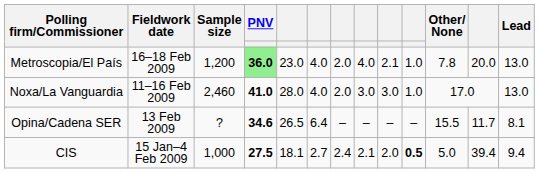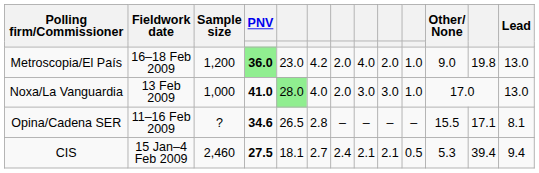 <table class="wikitable collapsible collapsed" style="text-align:center; font-size:90%; line-height:14px;">
 <tr style="height:42px;">
 <th style="width:250px;" rowspan="2">Polling firm/Commissioner</th>
 <th style="width:125px;" rowspan="2">Fieldwork date</th>
 <th style="width:50px;" rowspan="2">Sample size</th>
 <th style="width:35px;"><a href='#'>PNV</a></th>
 <th style="width:35px;"></th>
 <th style="width:35px;"></th>
 <th style="width:35px;"></th>
 <th style="width:35px;"></th>
 <th style="width:35px;"></th>
 <th style="width:35px;"></th>
 <th style="width:35px;" rowspan="2">Other/<br>None</th>
 <th style="width:35px;" rowspan="2"></th>
 <th style="width:30px;" rowspan="2">Lead</th>
 </tr>
 <tr>
 <th style="color:inherit;background:"></th>
 <th style="color:inherit;background:"></th>
 <th style="color:inherit;background:"></th>
 <th style="color:inherit;background:"></th>
 <th style="color:inherit;background:"></th>
 <th style="color:inherit;background:"></th>
 <th style="color:inherit;background:"></th>
 </tr>
 <tr>
 <td>Metroscopia/El País</td>
 <td>16–18 Feb 2009</td>
 <td>1,200</td>
 <td style="background: lightgreen;"><strong>36.0</strong></td>
 <td>23.0</td>
+<td>4.2</td>
+<td>2.0</td>
 <td>4.0</td>
 <td>2.0</td>
-<td>4.0</td>
-<td>2.1</td>
 <td>1.0</td>
-<td>7.8</td>
-<td>20.0</td>
+<td>9.0</td>
+<td>19.8</td>
 <td style="background:">13.0</td>
 </tr>
 <tr>
 <td>Noxa/La Vanguardia</td>
-<td>11–16 Feb 2009</td>
-<td>2,460</td>
+<td>13 Feb 2009</td>
+<td>1,000</td>
 <td><strong>41.0</strong></td>
-<td>28.0</td>
+<td style="background: lightgreen;">28.0</td>
 <td>4.0</td>
 <td>2.0</td>
 <td>3.0</td>
 <td>3.0</td>
 <td>1.0</td>
 <td colspan="2">17.0</td>
 <td style="background:">13.0</td>
 </tr>
 <tr>
 <td>Opina/Cadena SER</td>
-<td>13 Feb 2009</td>
+<td>11–16 Feb 2009</td>
 <td>?</td>
 <td><strong>34.6</strong></td>
 <td>26.5</td>
-<td>6.4</td>
+<td>2.8</td>
 <td>–</td>
 <td>–</td>
 <td>–</td>
 <td>–</td>
 <td>15.5</td>
-<td>11.7</td>
+<td>17.1</td>
 <td style="background:">8.1</td>
 </tr>
 <tr>
 <td>CIS</td>
 <td>15 Jan–4 Feb 2009</td>
-<td>1,000</td>
+<td>2,460</td>
 <td><strong>27.5</strong></td>
 <td>18.1</td>
 <td>2.7</td>
 <td>2.4</td>
 <td>2.1</td>
-<td>2.0</td>
-<td><strong>0.5</strong></td>
-<td>5.0</td>
+<td>2.1</td>
+<td>0.5</td>
+<td>5.3</td>
 <td>39.4</td>
 <td style="background:">9.4</td>
 </tr>
 </table>
